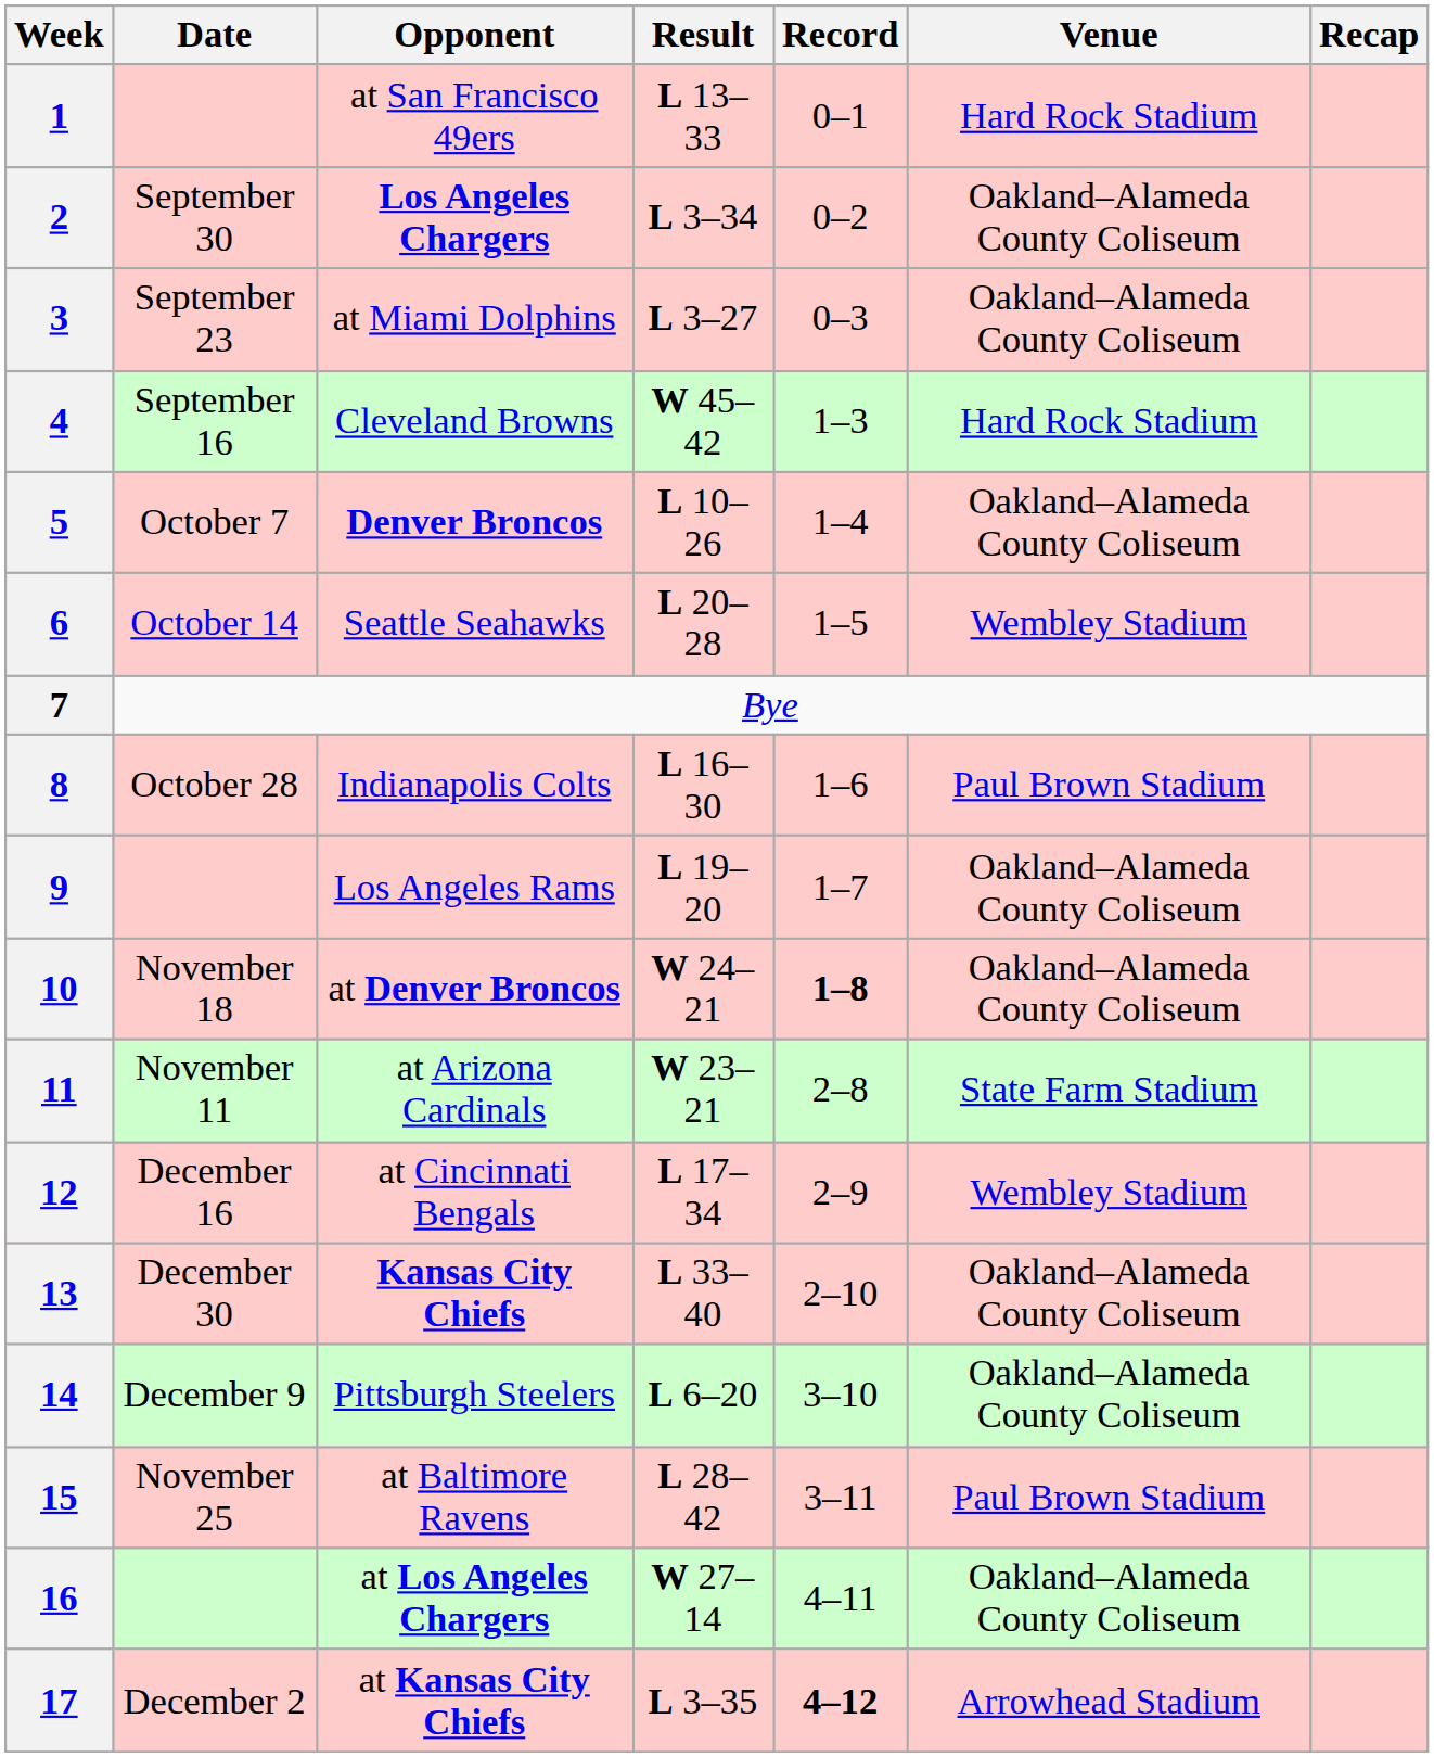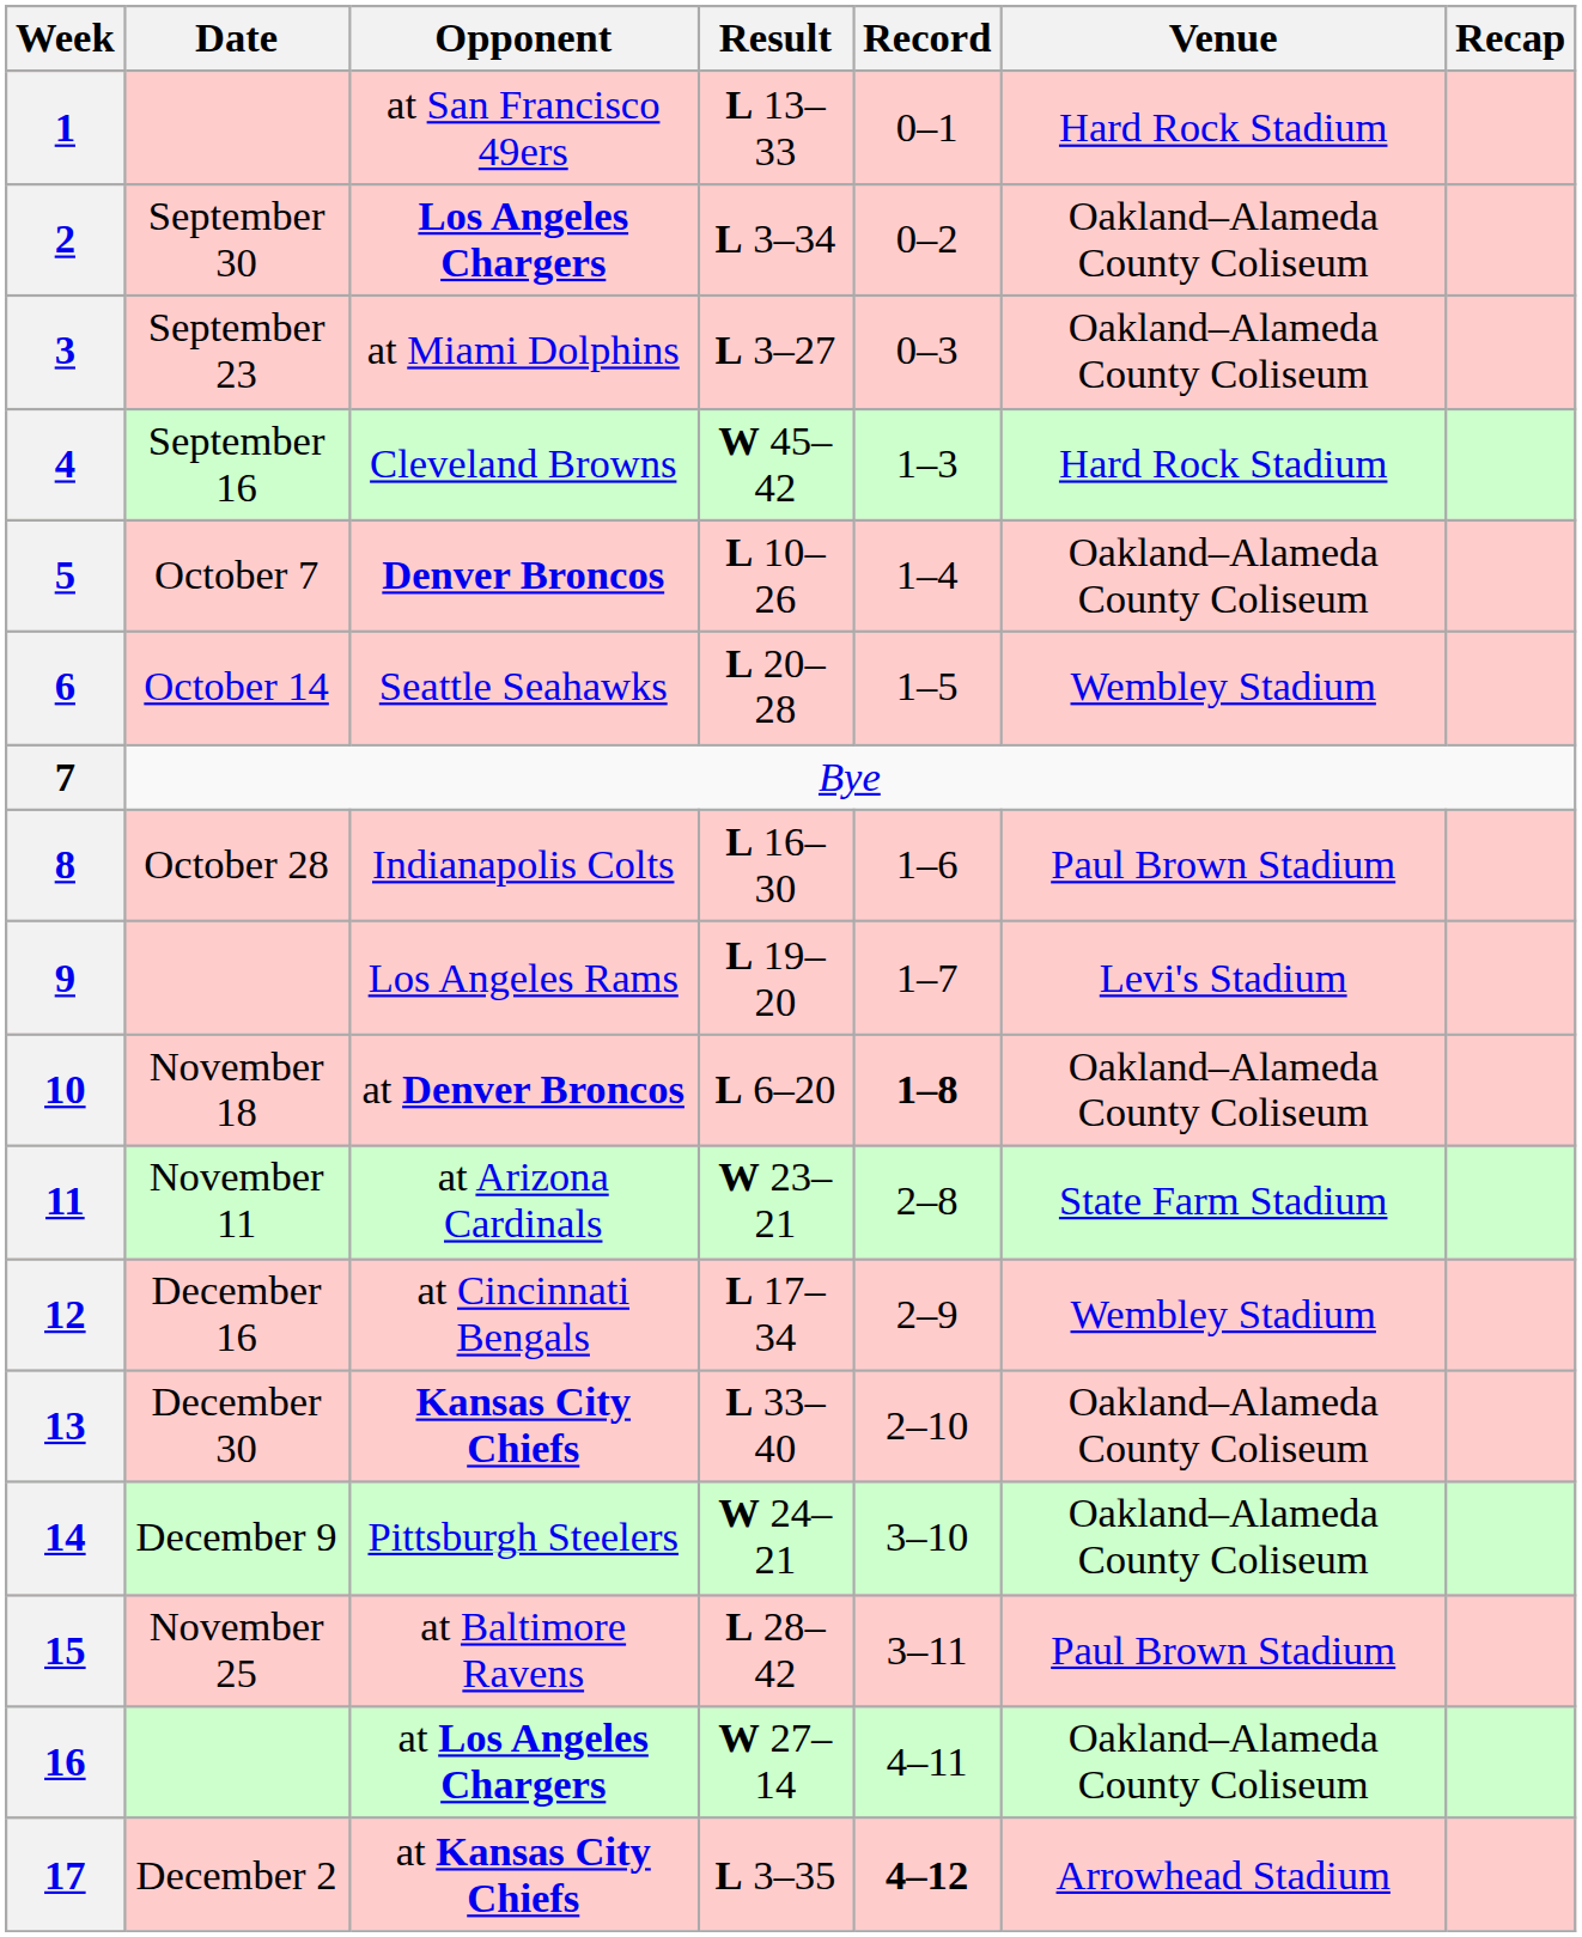 <table class="wikitable" style="text-align:center">
 <tr>
 <th>Week</th>
 <th>Date</th>
 <th>Opponent</th>
 <th>Result</th>
 <th>Record</th>
 <th>Venue</th>
 <th>Recap</th>
 </tr>
 <tr style="background:#fcc">
 <th><a href='#'>1</a></th>
 <td></td>
 <td>at <a href='#'>San Francisco 49ers</a></td>
 <td><strong>L</strong> 13–33</td>
 <td>0–1</td>
 <td><a href='#'>Hard Rock Stadium</a></td>
 <td></td>
 </tr>
 <tr style="background:#fcc">
 <th><a href='#'>2</a></th>
 <td>September 30</td>
 <td><strong><a href='#'>Los Angeles Chargers</a></strong></td>
 <td><strong>L</strong> 3–34</td>
 <td>0–2</td>
 <td>Oakland–Alameda County Coliseum</td>
 <td></td>
 </tr>
 <tr style="background:#fcc">
 <th><a href='#'>3</a></th>
 <td>September 23</td>
 <td>at <a href='#'>Miami Dolphins</a></td>
 <td><strong>L</strong> 3–27</td>
 <td>0–3</td>
 <td>Oakland–Alameda County Coliseum</td>
 <td></td>
 </tr>
 <tr style="background:#cfc">
 <th><a href='#'>4</a></th>
 <td>September 16</td>
 <td><a href='#'>Cleveland Browns</a></td>
 <td><strong>W</strong> 45–42 </td>
 <td>1–3</td>
 <td><a href='#'>Hard Rock Stadium</a></td>
 <td></td>
 </tr>
 <tr style="background:#fcc">
 <th><a href='#'>5</a></th>
 <td>October 7</td>
 <td><strong><a href='#'>Denver Broncos</a></strong></td>
 <td><strong>L</strong> 10–26</td>
 <td>1–4</td>
 <td>Oakland–Alameda County Coliseum</td>
 <td></td>
 </tr>
 <tr style="background:#fcc">
 <th><a href='#'>6</a></th>
 <td><a href='#'>October 14</a></td>
 <td><a href='#'>Seattle Seahawks</a></td>
 <td><strong>L</strong> 20–28</td>
 <td>1–5</td>
 <td> <a href='#'>Wembley Stadium</a> </td>
 <td></td>
 </tr>
 <tr>
 <th>7</th>
 <td colspan="6"><em><a href='#'>Bye</a></em></td>
 </tr>
 <tr style="background:#fcc">
 <th><a href='#'>8</a></th>
 <td>October 28</td>
 <td><a href='#'>Indianapolis Colts</a></td>
 <td><strong>L</strong> 16–30</td>
 <td>1–6</td>
 <td><a href='#'>Paul Brown Stadium</a></td>
 <td></td>
 </tr>
 <tr style="background:#fcc">
 <th><a href='#'>9</a></th>
 <td></td>
 <td><a href='#'>Los Angeles Rams</a></td>
 <td><strong>L</strong> 19–20</td>
 <td>1–7</td>
-<td>Oakland–Alameda County Coliseum</td>
+<td><a href='#'>Levi's Stadium</a></td>
 <td></td>
 </tr>
 <tr style="background:#fcc">
 <th><a href='#'>10</a></th>
 <td>November 18</td>
 <td>at <strong><a href='#'>Denver Broncos</a></strong></td>
-<td><strong>W</strong> 24–21</td>
+<td><strong>L</strong> 6–20</td>
 <td><strong>1–8</strong></td>
 <td>Oakland–Alameda County Coliseum</td>
 <td></td>
 </tr>
 <tr style="background:#cfc">
 <th><a href='#'>11</a></th>
 <td>November 11</td>
 <td>at <a href='#'>Arizona Cardinals</a></td>
 <td><strong>W</strong> 23–21</td>
 <td>2–8</td>
 <td><a href='#'>State Farm Stadium</a></td>
 <td></td>
 </tr>
 <tr style="background:#fcc">
 <th><a href='#'>12</a></th>
 <td>December 16</td>
 <td>at <a href='#'>Cincinnati Bengals</a></td>
 <td><strong>L</strong> 17–34</td>
 <td>2–9</td>
 <td> <a href='#'>Wembley Stadium</a> </td>
 <td></td>
 </tr>
 <tr style="background:#fcc">
 <th><a href='#'>13</a></th>
 <td>December 30</td>
 <td><strong><a href='#'>Kansas City Chiefs</a></strong></td>
 <td><strong>L</strong> 33–40</td>
 <td>2–10</td>
 <td>Oakland–Alameda County Coliseum</td>
 <td></td>
 </tr>
 <tr style="background:#cfc">
 <th><a href='#'>14</a></th>
 <td>December 9</td>
 <td><a href='#'>Pittsburgh Steelers</a></td>
-<td><strong>L</strong> 6–20</td>
+<td><strong>W</strong> 24–21</td>
 <td>3–10</td>
 <td>Oakland–Alameda County Coliseum</td>
 <td></td>
 </tr>
 <tr style="background:#fcc">
 <th><a href='#'>15</a></th>
 <td>November 25</td>
 <td>at <a href='#'>Baltimore Ravens</a></td>
 <td><strong>L</strong> 28–42</td>
 <td>3–11</td>
 <td><a href='#'>Paul Brown Stadium</a></td>
 <td></td>
 </tr>
 <tr style="background:#cfc">
 <th><a href='#'>16</a></th>
 <td></td>
 <td>at <strong><a href='#'>Los Angeles Chargers</a></strong></td>
 <td><strong>W</strong> 27–14</td>
 <td>4–11</td>
 <td>Oakland–Alameda County Coliseum</td>
 <td></td>
 </tr>
 <tr style="background:#fcc">
 <th><a href='#'>17</a></th>
 <td>December 2</td>
 <td>at <strong><a href='#'>Kansas City Chiefs</a></strong></td>
 <td><strong>L</strong> 3–35</td>
 <td><strong>4–12</strong></td>
 <td><a href='#'>Arrowhead Stadium</a></td>
 <td></td>
 </tr>
 </table>
